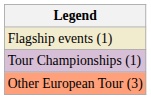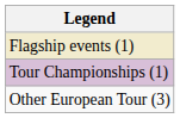 <table class="wikitable" style="font-size:95%;">
 <tr>
 <th>Legend</th>
 </tr>
 <tr style="background:#f2ecce;">
 <td>Flagship events (1)</td>
 </tr>
 <tr style="background:thistle">
 <td>Tour Championships (1)</td>
 </tr>
 <tr>
-<td style="background: lightsalmon;">Other European Tour (3)</td>
+<td>Other European Tour (3)</td>
 </tr>
 </table>
